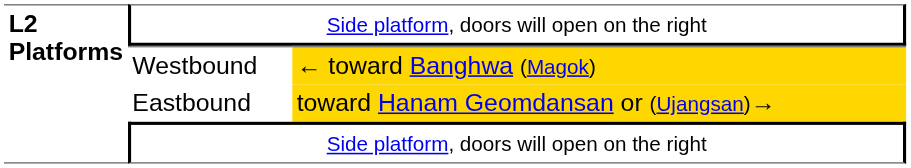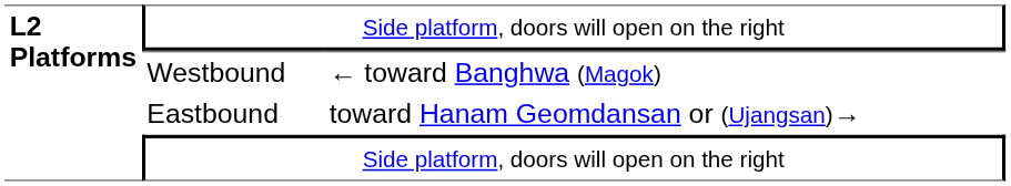 <table table border=0 cellspacing=0 cellpadding=3>
 <tr>
 <td style="border-top:solid 1px gray;border-bottom:solid 1px gray;" width=50 rowspan=10 valign=top><strong>L2<br>Platforms</strong></td>
 <td style="border-top:solid 1px gray;border-right:solid 2px black;border-left:solid 2px black;border-bottom:solid 2px black;text-align:center;" colspan=2><small><a href='#'>Side platform</a>, doors will open on the right</small></td>
 </tr>
 <tr>
 <td style="border-bottom:solid 0px gray;border-top:solid 1px gray;" width=100>Westbound</td>
-<td style="background: gold; border-bottom:solid 0px gray;border-top:solid 1px gray;" width=390>←  toward <a href='#'>Banghwa</a> <small>(<a href='#'>Magok</a>)</small></td>
+<td style="border-bottom:solid 0px gray;border-top:solid 1px gray;" width=390>←  toward <a href='#'>Banghwa</a> <small>(<a href='#'>Magok</a>)</small></td>
 </tr>
 <tr>
 <td>Eastbound</td>
-<td style="background: gold;">  toward <a href='#'>Hanam Geomdansan</a> or  <small>(<a href='#'>Ujangsan</a>)</small>→</td>
+<td>  toward <a href='#'>Hanam Geomdansan</a> or  <small>(<a href='#'>Ujangsan</a>)</small>→</td>
 </tr>
 <tr>
 <td style="border-top:solid 2px black;border-right:solid 2px black;border-left:solid 2px black;border-bottom:solid 1px gray;text-align:center;" colspan=2><small><a href='#'>Side platform</a>, doors will open on the right</small></td>
 </tr>
 </table>
